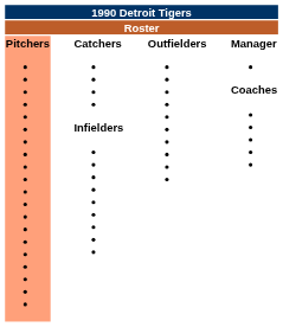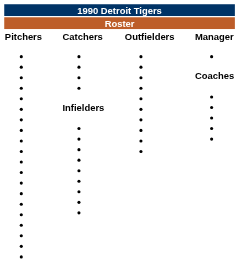 <table class="toccolours" style="font-size: 95%;">
 <tr>
 <th colspan="10" style="background:#036; color:white; text-align:center;">1990 Detroit Tigers</th>
 </tr>
 <tr>
 <td colspan="10" style="background:#bd5d29; color:white; text-align:center;"><strong>Roster</strong></td>
 </tr>
 <tr>
-<td valign="top" style="background: lightsalmon;"><strong>Pitchers</strong><br><ul><li></li><li></li><li></li><li></li><li></li><li></li><li></li><li></li><li></li><li></li><li></li><li></li><li></li><li></li><li></li><li></li><li></li><li></li><li></li><li></li></ul></td>
+<td valign="top"><strong>Pitchers</strong><br><ul><li></li><li></li><li></li><li></li><li></li><li></li><li></li><li></li><li></li><li></li><li></li><li></li><li></li><li></li><li></li><li></li><li></li><li></li><li></li><li></li></ul></td>
 <td style="width:25px;"></td>
 <td valign="top"><strong>Catchers</strong><br><ul><li></li><li></li><li></li><li></li></ul><strong>Infielders</strong><ul><li></li><li></li><li></li><li></li><li></li><li></li><li></li><li></li><li></li></ul></td>
 <td style="width:25px;"></td>
 <td valign="top"><strong>Outfielders</strong><br><ul><li></li><li></li><li></li><li></li><li></li><li></li><li></li><li></li><li></li><li></li></ul></td>
 <td style="width:25px;"></td>
 <td valign="top"><strong>Manager</strong><br><ul><li></li></ul><strong>Coaches</strong><ul><li></li><li></li><li></li><li></li><li></li></ul></td>
 </tr>
 </table>
